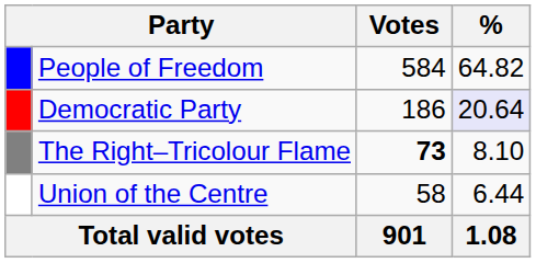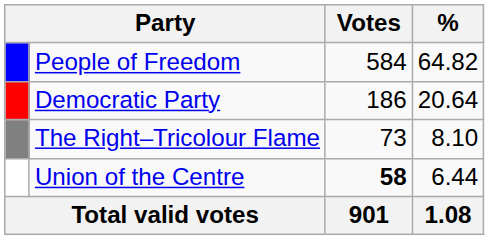 <table class="wikitable">
 <tr>
 <th colspan="2" style="width: 130px">Party</th>
 <th style="width: 50px">Votes</th>
 <th style="width: 40px">%</th>
 </tr>
 <tr>
 <td style="background-color:blue">  </td>
 <td style="text-align: left"><a href='#'>People of Freedom</a></td>
 <td style="text-align: right">584</td>
 <td style="text-align: right">64.82</td>
 </tr>
 <tr>
 <td style="background-color:red">  </td>
 <td style="text-align: left"><a href='#'>Democratic Party</a></td>
 <td style="text-align: right">186</td>
-<td style="background: lavender; text-align: right">20.64</td>
+<td style="text-align: right">20.64</td>
 </tr>
 <tr>
 <td style="background-color:grey">  </td>
 <td style="text-align: left"><a href='#'>The Right–Tricolour Flame</a></td>
-<td align="right"><strong>73</strong></td>
+<td align="right">73</td>
 <td align="right">8.10</td>
 </tr>
 <tr>
 <td style="background-color:white">  </td>
 <td style="text-align: left"><a href='#'>Union of the Centre</a></td>
-<td align="right">58</td>
+<td align="right"><strong>58</strong></td>
 <td align="right">6.44</td>
 </tr>
 <tr bgcolor="white">
 <th align="right" colspan=2>Total valid votes</th>
 <th align="right">901</th>
 <th align="right">1.08</th>
 </tr>
 </table>
